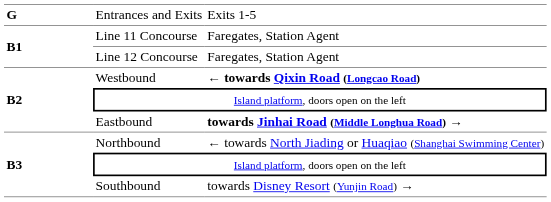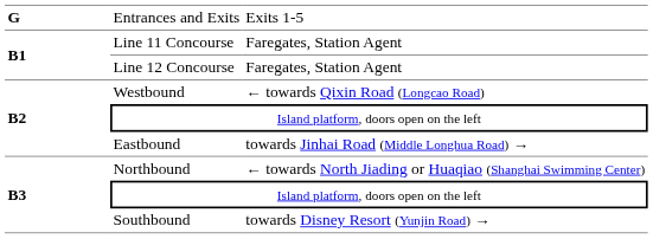 <table cellspacing=0 cellpadding=3>
 <tr>
 <td style="border-top:solid 1px gray;border-bottom:solid 1px gray;" width=100><strong>G</strong></td>
 <td style="border-top:solid 1px gray;border-bottom:solid 1px gray;">Entrances and Exits</td>
 <td style="border-top:solid 1px gray;border-bottom:solid 1px gray;">Exits 1-5</td>
 </tr>
 <tr>
 <td style="border-bottom:solid 1px gray;" rowspan=2><strong>B1</strong></td>
 <td style="border-bottom:solid 1px gray;">Line 11 Concourse</td>
 <td style="border-bottom:solid 1px gray;">Faregates, Station Agent</td>
 </tr>
 <tr>
 <td style="border-bottom:solid 1px gray;">Line 12 Concourse</td>
 <td style="border-bottom:solid 1px gray;">Faregates, Station Agent</td>
 </tr>
 <tr>
 <td style="border-bottom:solid 1px gray;" rowspan=3><strong>B2</strong></td>
 <td>Westbound</td>
-<td><strong>←  towards <a href='#'>Qixin Road</a> <small>(<a href='#'>Longcao Road</a>)</small></strong></td>
+<td>←  towards <a href='#'>Qixin Road</a> <small>(<a href='#'>Longcao Road</a>)</small></td>
 </tr>
 <tr>
 <td style="border-right:solid 2px black;border-left:solid 2px black;border-top:solid 2px black;border-bottom:solid 2px black;text-align:center;" colspan=2><small><a href='#'>Island platform</a>, doors open on the left</small></td>
 </tr>
 <tr>
 <td style="border-bottom:solid 1px gray;">Eastbound</td>
-<td style="border-bottom:solid 1px gray;"><strong>  towards <a href='#'>Jinhai Road</a> <small>(<a href='#'>Middle Longhua Road</a>)</small> →</strong></td>
+<td style="border-bottom:solid 1px gray;">  towards <a href='#'>Jinhai Road</a> <small>(<a href='#'>Middle Longhua Road</a>)</small> →</td>
 </tr>
 <tr>
 <td style="border-bottom:solid 1px gray;" rowspan=3><strong>B3</strong></td>
 <td>Northbound</td>
 <td>←  towards <a href='#'>North Jiading</a> or <a href='#'>Huaqiao</a> <small>(<a href='#'>Shanghai Swimming Center</a>)</small></td>
 </tr>
 <tr>
 <td style="border-right:solid 2px black;border-left:solid 2px black;border-top:solid 2px black;border-bottom:solid 2px black;text-align:center;" colspan=2><small><a href='#'>Island platform</a>, doors open on the left</small></td>
 </tr>
 <tr>
 <td style="border-bottom:solid 1px gray;">Southbound</td>
 <td style="border-bottom:solid 1px gray;">  towards <a href='#'>Disney Resort</a> <small>(<a href='#'>Yunjin Road</a>)</small> →</td>
 </tr>
 </table>
